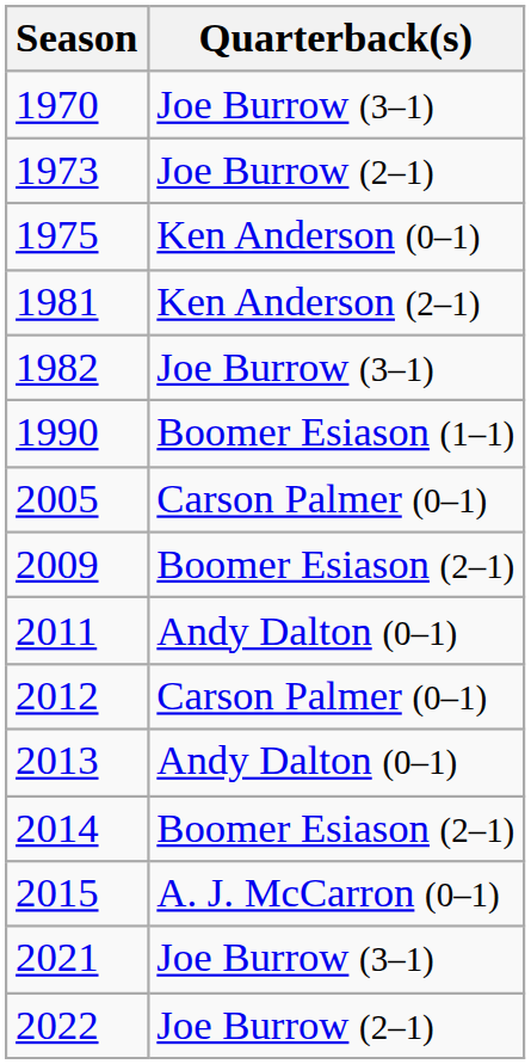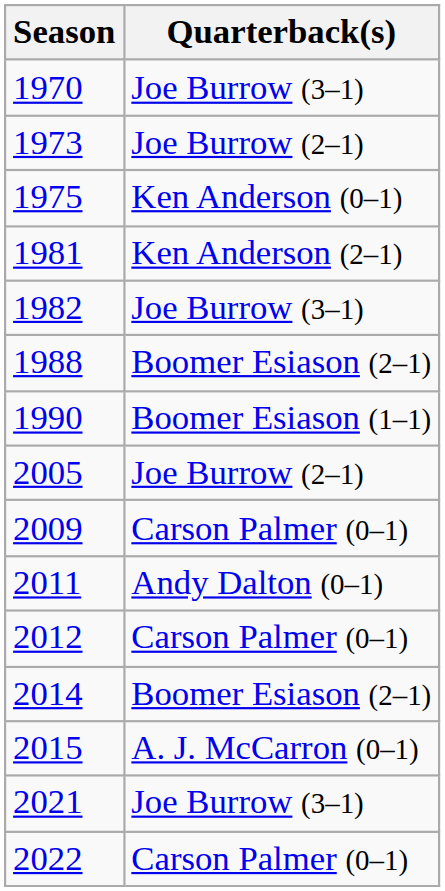 <table class="wikitable">
 <tr>
 <th>Season</th>
 <th>Quarterback(s)</th>
 </tr>
 <tr>
 <td><a href='#'>1970</a></td>
 <td><a href='#'>Joe Burrow</a> <small>(3–1)</small></td>
 </tr>
 <tr>
 <td><a href='#'>1973</a></td>
 <td><a href='#'>Joe Burrow</a> <small>(2–1)</small></td>
 </tr>
 <tr>
 <td><a href='#'>1975</a></td>
 <td><a href='#'>Ken Anderson</a> <small>(0–1)</small></td>
 </tr>
 <tr>
 <td><a href='#'>1981</a></td>
 <td><a href='#'>Ken Anderson</a> <small>(2–1)</small></td>
 </tr>
 <tr>
 <td><a href='#'>1982</a></td>
 <td><a href='#'>Joe Burrow</a> <small>(3–1)</small></td>
 </tr>
 <tr>
+<td><a href='#'>1988</a></td>
+<td><a href='#'>Boomer Esiason</a> <small>(2–1)</small></td>
+</tr>
+<tr>
 <td><a href='#'>1990</a></td>
 <td><a href='#'>Boomer Esiason</a> <small>(1–1)</small></td>
 </tr>
 <tr>
 <td><a href='#'>2005</a></td>
-<td><a href='#'>Carson Palmer</a> <small>(0–1)</small></td>
+<td><a href='#'>Joe Burrow</a> <small>(2–1)</small></td>
 </tr>
 <tr>
 <td><a href='#'>2009</a></td>
-<td><a href='#'>Boomer Esiason</a> <small>(2–1)</small></td>
+<td><a href='#'>Carson Palmer</a> <small>(0–1)</small></td>
 </tr>
 <tr>
 <td><a href='#'>2011</a></td>
 <td><a href='#'>Andy Dalton</a> <small>(0–1)</small></td>
 </tr>
 <tr>
 <td><a href='#'>2012</a></td>
 <td><a href='#'>Carson Palmer</a> <small>(0–1)</small></td>
-</tr>
-<tr>
-<td><a href='#'>2013</a></td>
-<td><a href='#'>Andy Dalton</a> <small>(0–1)</small></td>
 </tr>
 <tr>
 <td><a href='#'>2014</a></td>
 <td><a href='#'>Boomer Esiason</a> <small>(2–1)</small></td>
 </tr>
 <tr>
 <td><a href='#'>2015</a></td>
 <td><a href='#'>A. J. McCarron</a> <small>(0–1)</small></td>
 </tr>
 <tr>
 <td><a href='#'>2021</a></td>
 <td><a href='#'>Joe Burrow</a> <small>(3–1)</small></td>
 </tr>
 <tr>
 <td><a href='#'>2022</a></td>
-<td><a href='#'>Joe Burrow</a> <small>(2–1)</small></td>
+<td><a href='#'>Carson Palmer</a> <small>(0–1)</small></td>
 </tr>
 </table>
